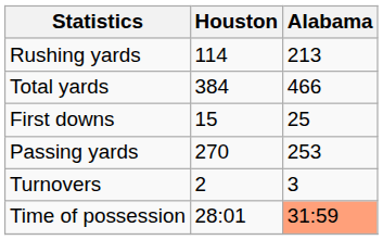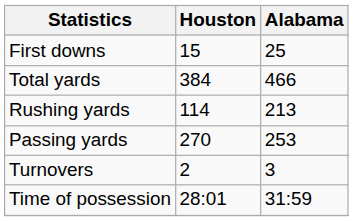 <table class="wikitable" style="float: left;">
 <tr>
 <th>Statistics</th>
 <th style=>Houston</th>
 <th>Alabama</th>
 </tr>
 <tr>
-<td>Rushing yards</td>
-<td>114</td>
-<td>213</td>
+<td>First downs</td>
+<td>15</td>
+<td>25</td>
 </tr>
 <tr>
 <td>Total yards</td>
 <td>384</td>
 <td>466</td>
 </tr>
 <tr>
-<td>First downs</td>
-<td>15</td>
-<td>25</td>
+<td>Rushing yards</td>
+<td>114</td>
+<td>213</td>
 </tr>
 <tr>
 <td>Passing yards</td>
 <td>270</td>
 <td>253</td>
 </tr>
 <tr>
 <td>Turnovers</td>
 <td>2</td>
 <td>3</td>
 </tr>
 <tr>
 <td>Time of possession</td>
 <td>28:01</td>
-<td style="background: lightsalmon;">31:59</td>
+<td>31:59</td>
 </tr>
 <tr>
 </tr>
 </table>
